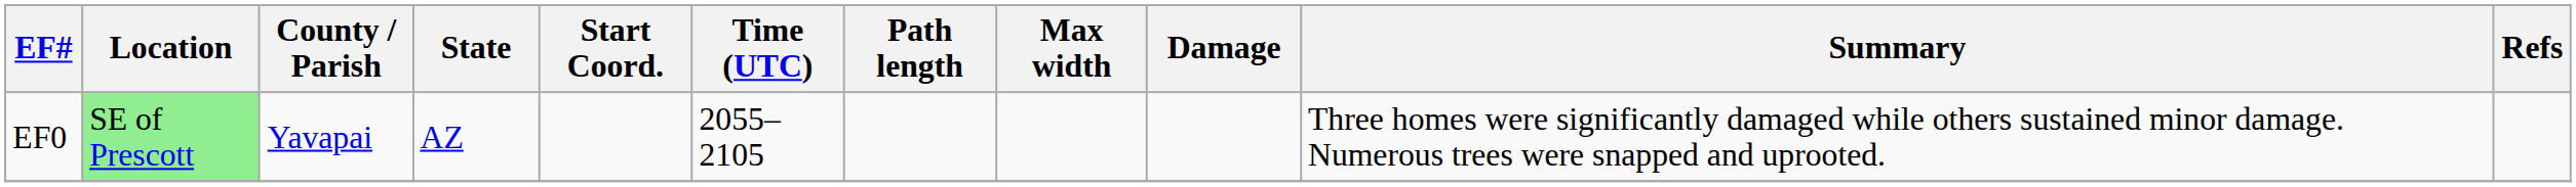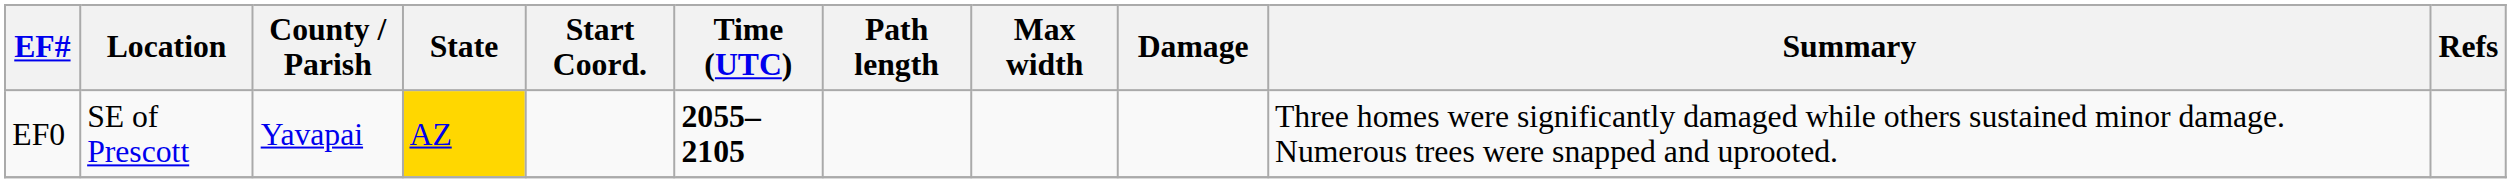 <table class="wikitable sortable" style="width:100%;">
 <tr>
 <th scope="col" width="3%" align="center"><a href='#'>EF#</a></th>
 <th scope="col" width="7%" align="center" class="unsortable">Location</th>
 <th scope="col" width="6%" align="center" class="unsortable">County / Parish</th>
 <th scope="col" width="5%" align="center">State</th>
 <th scope="col" width="6%" align="center">Start Coord.</th>
 <th scope="col" width="6%" align="center">Time (<a href='#'>UTC</a>)</th>
 <th scope="col" width="6%" align="center">Path length</th>
 <th scope="col" width="6%" align="center">Max width</th>
 <th scope="col" width="6%" align="center">Damage</th>
 <th scope="col" width="48%" class="unsortable" align="center">Summary</th>
 <th scope="col" width="48%" class="unsortable" align="center">Refs</th>
 </tr>
 <tr>
 <td>EF0</td>
-<td style="background: lightgreen;">SE of <a href='#'>Prescott</a></td>
+<td>SE of <a href='#'>Prescott</a></td>
 <td><a href='#'>Yavapai</a></td>
-<td><a href='#'>AZ</a></td>
+<td style="background: gold;"><a href='#'>AZ</a></td>
 <td></td>
-<td>2055–2105</td>
+<td><strong>2055–2105</strong></td>
 <td></td>
 <td></td>
 <td></td>
 <td>Three homes were significantly damaged while others sustained minor damage. Numerous trees were snapped and uprooted.</td>
 <td></td>
 </tr>
 <tr>
 </tr>
 </table>
